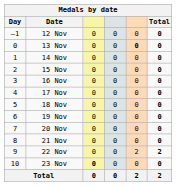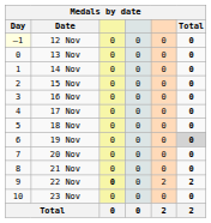 <table class="wikitable" style="font-size:90%; text-align:center;">
 <tr style="background:#efefef;">
 <th colspan=6><strong>Medals by date</strong></th>
 </tr>
 <tr>
 <th width=30><strong>Day</strong></th>
 <th width=90><strong>Date</strong></th>
 <th width=30 style="background:#F7F6A8;"></th>
 <th width=30 style="background:#DCE5E5;"></th>
 <th width=30 style="background:#FFDAB9;"></th>
 <th width=30><strong>Total</strong></th>
 </tr>
 <tr>
-<td>–1</td>
+<td style="background: lightyellow;">–1</td>
 <td>12 Nov</td>
 <td style="background:#F7F6A8;">0</td>
 <td style="background:#DCE5E5;">0</td>
 <td style="background:#FFDAB9;">0</td>
 <td><strong>0</strong></td>
 </tr>
 <tr>
 <td>0</td>
 <td>13 Nov</td>
 <td style="background:#F7F6A8;">0</td>
 <td style="background:#DCE5E5;">0</td>
-<td style="background:#FFDAB9;"><strong>0</strong></td>
+<td style="background:#FFDAB9;">0</td>
 <td><strong>0</strong></td>
 </tr>
 <tr>
 <td>1</td>
 <td>14 Nov</td>
 <td style="background:#F7F6A8;">0</td>
 <td style="background:#DCE5E5;">0</td>
 <td style="background:#FFDAB9;">0</td>
 <td><strong>0</strong></td>
 </tr>
 <tr>
 <td>2</td>
 <td>15 Nov</td>
 <td style="background:#F7F6A8;">0</td>
 <td style="background:#DCE5E5;">0</td>
 <td style="background:#FFDAB9;">0</td>
 <td><strong>0</strong></td>
 </tr>
 <tr>
 <td>3</td>
 <td>16 Nov</td>
 <td style="background:#F7F6A8;">0</td>
 <td style="background:#DCE5E5;">0</td>
 <td style="background:#FFDAB9;">0</td>
 <td><strong>0</strong></td>
 </tr>
 <tr>
 <td>4</td>
 <td>17 Nov</td>
 <td style="background:#F7F6A8;">0</td>
 <td style="background:#DCE5E5;">0</td>
 <td style="background:#FFDAB9;">0</td>
 <td><strong>0</strong></td>
 </tr>
 <tr>
 <td>5</td>
 <td>18 Nov</td>
 <td style="background:#F7F6A8;">0</td>
 <td style="background:#DCE5E5;">0</td>
 <td style="background:#FFDAB9;">0</td>
 <td><strong>0</strong></td>
 </tr>
 <tr>
 <td>6</td>
 <td>19 Nov</td>
 <td style="background:#F7F6A8;">0</td>
 <td style="background:#DCE5E5;">0</td>
 <td style="background:#FFDAB9;">0</td>
-<td><strong>0</strong></td>
+<td style="background: lightgrey;"><strong>0</strong></td>
 </tr>
 <tr>
 <td>7</td>
 <td>20 Nov</td>
 <td style="background:#F7F6A8;">0</td>
 <td style="background:#DCE5E5;">0</td>
 <td style="background:#FFDAB9;">0</td>
 <td><strong>0</strong></td>
 </tr>
 <tr>
 <td>8</td>
 <td>21 Nov</td>
 <td style="background:#F7F6A8;">0</td>
 <td style="background:#DCE5E5;">0</td>
 <td style="background:#FFDAB9;">0</td>
 <td><strong>0</strong></td>
 </tr>
 <tr>
 <td>9</td>
 <td>22 Nov</td>
-<td style="background:#F7F6A8;">0</td>
+<td style="background:#F7F6A8;"><strong>0</strong></td>
 <td style="background:#DCE5E5;">0</td>
 <td style="background:#FFDAB9;">2</td>
 <td><strong>2</strong></td>
 </tr>
 <tr>
 <td>10</td>
 <td>23 Nov</td>
-<td style="background:#F7F6A8;"><strong>0</strong></td>
+<td style="background:#F7F6A8;">0</td>
 <td style="background:#DCE5E5;">0</td>
 <td style="background:#FFDAB9;">0</td>
 <td><strong>0</strong></td>
 </tr>
 <tr>
 <th colspan="2"><strong>Total</strong></th>
 <th><strong>0</strong></th>
 <th><strong>0</strong></th>
 <th><strong>2</strong></th>
 <th><strong>2</strong></th>
 </tr>
 </table>
